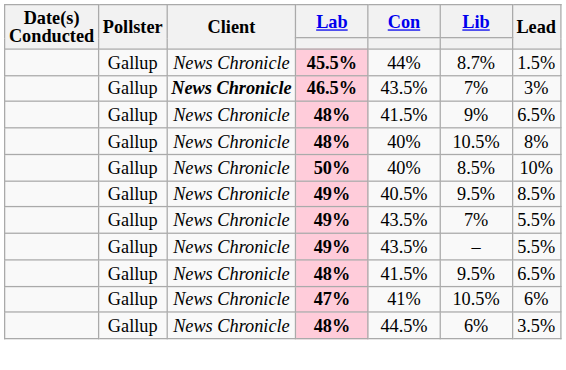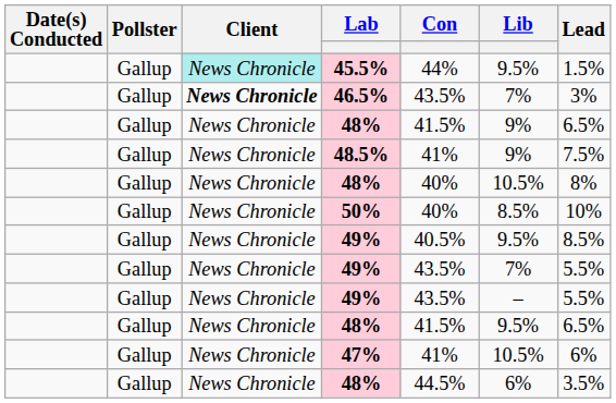 <table class="wikitable sortable mw-datatable" style="text-align:center;font-size:90%;line-height:14px;">
 <tr>
 <th rowspan="2">Date(s)<br>Conducted</th>
 <th rowspan="2">Pollster</th>
 <th rowspan="2">Client</th>
 <th class="unsortable" style="width:50px;"><a href='#'>Lab</a></th>
 <th class="unsortable" style="width:50px;"><a href='#'>Con</a></th>
 <th class="unsortable" style="width:50px;"><a href='#'>Lib</a></th>
 <th rowspan="2">Lead</th>
 </tr>
 <tr>
 <th style="background:"></th>
 <th style="background:"></th>
 <th style="background:"></th>
 </tr>
 <tr>
 <td></td>
 <td>Gallup</td>
-<td><em>News Chronicle</em></td>
+<td style="background: paleturquoise;"><em>News Chronicle</em></td>
 <td style="background:#FFCCDA;"><strong>45.5%</strong></td>
 <td>44%</td>
-<td>8.7%</td>
+<td>9.5%</td>
 <td style="background:">1.5%</td>
 </tr>
 <tr>
 <td></td>
 <td>Gallup</td>
 <td><strong><em>News Chronicle</em></strong></td>
 <td style="background:#FFCCDA;"><strong>46.5%</strong></td>
 <td>43.5%</td>
 <td>7%</td>
 <td style="background:">3%</td>
 </tr>
 <tr>
 <td></td>
 <td>Gallup</td>
 <td><em>News Chronicle</em></td>
 <td style="background:#FFCCDA;"><strong>48%</strong></td>
 <td>41.5%</td>
 <td>9%</td>
 <td style="background:">6.5%</td>
+</tr>
+<tr>
+<td></td>
+<td>Gallup</td>
+<td><em>News Chronicle</em></td>
+<td style="background:#FFCCDA;"><strong>48.5%</strong></td>
+<td>41%</td>
+<td>9%</td>
+<td style="background:">7.5%</td>
 </tr>
 <tr>
 <td></td>
 <td>Gallup</td>
 <td><em>News Chronicle</em></td>
 <td style="background:#FFCCDA;"><strong>48%</strong></td>
 <td>40%</td>
 <td>10.5%</td>
 <td style="background:">8%</td>
 </tr>
 <tr>
 <td></td>
 <td>Gallup</td>
 <td><em>News Chronicle</em></td>
 <td style="background:#FFCCDA;"><strong>50%</strong></td>
 <td>40%</td>
 <td>8.5%</td>
 <td style="background:">10%</td>
 </tr>
 <tr>
 <td></td>
 <td>Gallup</td>
 <td><em>News Chronicle</em></td>
 <td style="background:#FFCCDA;"><strong>49%</strong></td>
 <td>40.5%</td>
 <td>9.5%</td>
 <td style="background:">8.5%</td>
 </tr>
 <tr>
 <td></td>
 <td>Gallup</td>
 <td><em>News Chronicle</em></td>
 <td style="background:#FFCCDA;"><strong>49%</strong></td>
 <td>43.5%</td>
 <td>7%</td>
 <td style="background:">5.5%</td>
 </tr>
 <tr>
 <td></td>
 <td>Gallup</td>
 <td><em>News Chronicle</em></td>
 <td style="background:#FFCCDA;"><strong>49%</strong></td>
 <td>43.5%</td>
 <td>–</td>
 <td style="background:">5.5%</td>
 </tr>
 <tr>
 <td></td>
 <td>Gallup</td>
 <td><em>News Chronicle</em></td>
 <td style="background:#FFCCDA;"><strong>48%</strong></td>
 <td>41.5%</td>
 <td>9.5%</td>
 <td style="background:">6.5%</td>
 </tr>
 <tr>
 <td></td>
 <td>Gallup</td>
 <td><em>News Chronicle</em></td>
 <td style="background:#FFCCDA;"><strong>47%</strong></td>
 <td>41%</td>
 <td>10.5%</td>
 <td style="background:">6%</td>
 </tr>
 <tr>
 <td></td>
 <td>Gallup</td>
 <td><em>News Chronicle</em></td>
 <td style="background:#FFCCDA;"><strong>48%</strong></td>
 <td>44.5%</td>
 <td>6%</td>
 <td style="background:">3.5%</td>
 </tr>
 </table>
